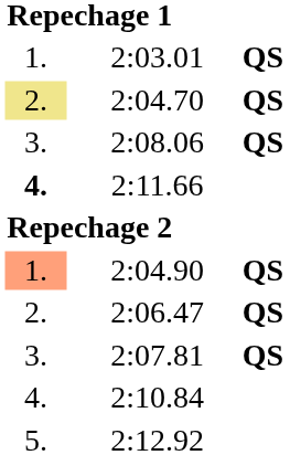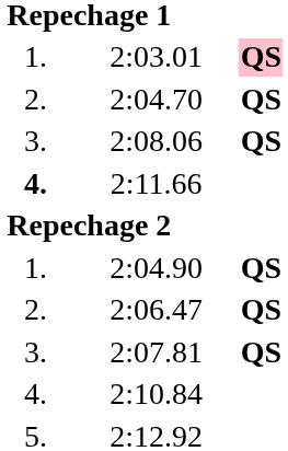 <table style="text-align:center">
 <tr>
 <td colspan=4 align=left><strong>Repechage 1</strong></td>
 </tr>
 <tr>
 <td width=30>1.</td>
 <td align=left></td>
 <td width=80>2:03.01</td>
-<td><strong>QS</strong></td>
+<td style="background: pink;"><strong>QS</strong></td>
 </tr>
 <tr>
-<td style="background: khaki;">2.</td>
+<td>2.</td>
 <td align=left></td>
 <td>2:04.70</td>
 <td><strong>QS</strong></td>
 </tr>
 <tr>
 <td>3.</td>
 <td align=left></td>
 <td>2:08.06</td>
 <td><strong>QS</strong></td>
 </tr>
 <tr>
 <td><strong>4.</strong></td>
 <td align=left></td>
 <td>2:11.66</td>
 <td></td>
 </tr>
 <tr>
 <td colspan=4 align=left><strong>Repechage 2</strong></td>
 </tr>
 <tr>
-<td style="background: lightsalmon;">1.</td>
+<td>1.</td>
 <td align=left></td>
 <td>2:04.90</td>
 <td><strong>QS</strong></td>
 </tr>
 <tr>
 <td>2.</td>
 <td align=left></td>
 <td>2:06.47</td>
 <td><strong>QS</strong></td>
 </tr>
 <tr>
 <td>3.</td>
 <td align=left></td>
 <td>2:07.81</td>
 <td><strong>QS</strong></td>
 </tr>
 <tr>
 <td>4.</td>
 <td align=left></td>
 <td>2:10.84</td>
 <td></td>
 </tr>
 <tr>
 <td>5.</td>
 <td align=left></td>
 <td>2:12.92</td>
 <td></td>
 </tr>
 </table>
